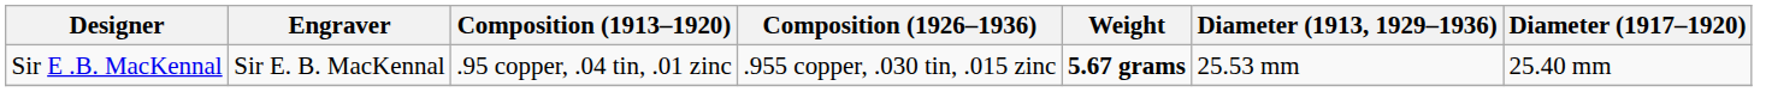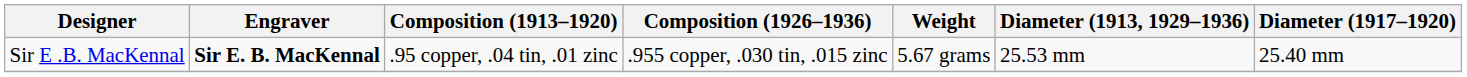 <table class="wikitable">
 <tr>
 <th>Designer</th>
 <th>Engraver</th>
 <th>Composition (1913–1920)</th>
 <th>Composition (1926–1936)</th>
 <th>Weight</th>
 <th>Diameter (1913, 1929–1936)</th>
 <th>Diameter (1917–1920)</th>
 </tr>
 <tr>
 <td>Sir <a href='#'>E .B. MacKennal</a></td>
-<td>Sir E. B. MacKennal</td>
+<td><strong>Sir E. B. MacKennal</strong></td>
 <td>.95 copper, .04 tin, .01 zinc</td>
 <td>.955 copper, .030 tin, .015 zinc</td>
-<td><strong>5.67 grams</strong></td>
+<td>5.67 grams</td>
 <td>25.53 mm</td>
 <td>25.40 mm</td>
 </tr>
 <tr>
 </tr>
 </table>
